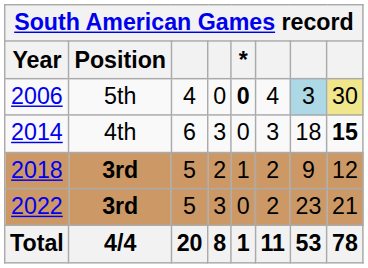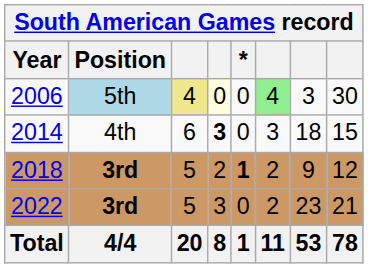 <table class="wikitable" style="text-align: center;">
 <tr>
 <th colspan=9><a href='#'>South American Games</a> record</th>
 </tr>
 <tr>
 <th>Year</th>
 <th>Position</th>
 <th></th>
 <th></th>
 <th>*</th>
 <th></th>
 <th></th>
 <th></th>
 </tr>
 <tr>
 <td> <a href='#'>2006</a></td>
-<td>5th</td>
-<td>4</td>
+<td style="background: lightblue;">5th</td>
+<td style="background: khaki;">4</td>
+<td style="background: lightyellow;">0</td>
 <td>0</td>
-<td><strong>0</strong></td>
-<td>4</td>
-<td style="background: lightblue;">3</td>
-<td style="background: khaki;">30</td>
+<td style="background: lightgreen;">4</td>
+<td>3</td>
+<td>30</td>
 </tr>
 <tr>
 <td> <a href='#'>2014</a></td>
 <td>4th</td>
 <td>6</td>
-<td>3</td>
+<td><strong>3</strong></td>
 <td>0</td>
 <td>3</td>
 <td>18</td>
-<td><strong>15</strong></td>
+<td>15</td>
 </tr>
 <tr bgcolor=cc9966>
 <td> <a href='#'>2018</a></td>
 <td><strong>3rd</strong></td>
 <td>5</td>
 <td>2</td>
-<td>1</td>
+<td><strong>1</strong></td>
 <td>2</td>
 <td>9</td>
 <td>12</td>
 </tr>
 <tr bgcolor=cc9966>
 <td> <a href='#'>2022</a></td>
 <td><strong>3rd</strong></td>
 <td>5</td>
 <td>3</td>
 <td>0</td>
 <td>2</td>
 <td>23</td>
 <td>21</td>
 </tr>
 <tr>
 <th>Total</th>
 <th>4/4</th>
 <th>20</th>
 <th>8</th>
 <th>1</th>
 <th>11</th>
 <th>53</th>
 <th>78</th>
 </tr>
 </table>
